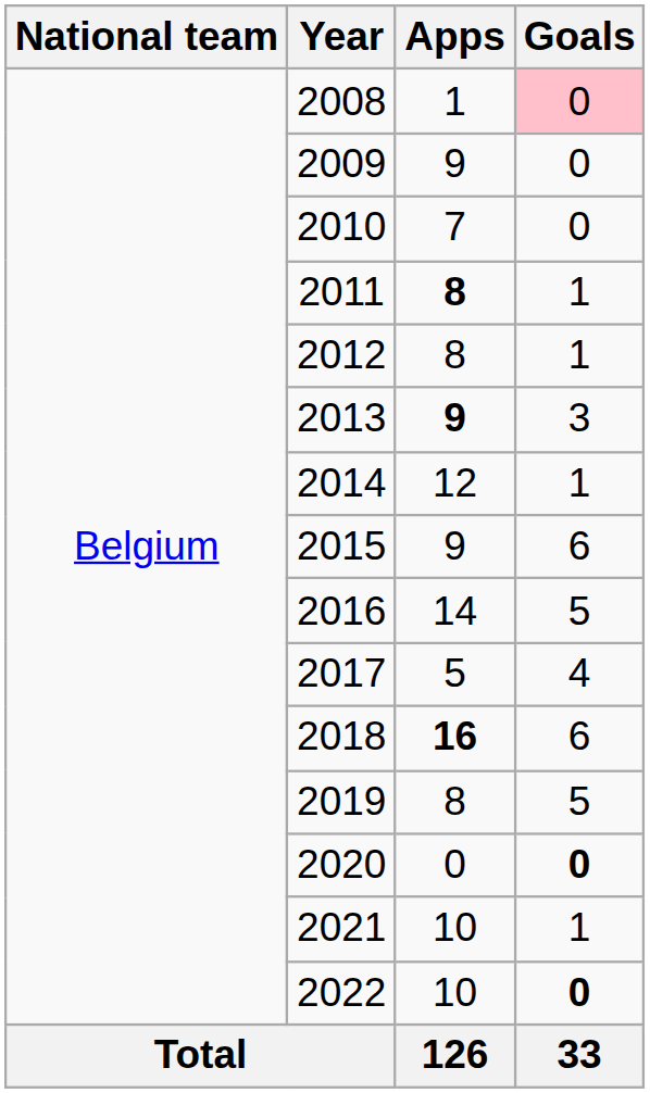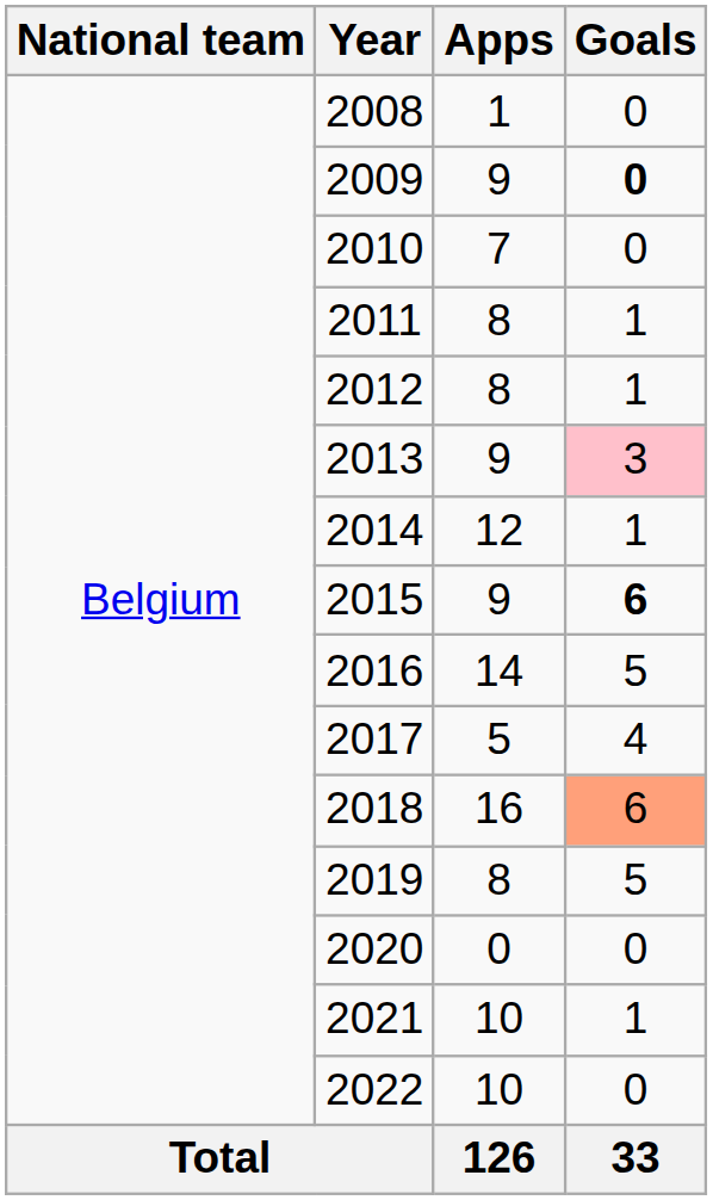 <table class="wikitable" style="text-align: center;">
 <tr>
 <th>National team</th>
 <th>Year</th>
 <th>Apps</th>
 <th>Goals</th>
 </tr>
 <tr>
 <td rowspan="15"><a href='#'>Belgium</a></td>
 <td>2008</td>
 <td>1</td>
-<td style="background: pink;">0</td>
+<td>0</td>
 </tr>
 <tr>
 <td>2009</td>
 <td>9</td>
-<td>0</td>
+<td><strong>0</strong></td>
 </tr>
 <tr>
 <td>2010</td>
 <td>7</td>
 <td>0</td>
 </tr>
 <tr>
 <td>2011</td>
-<td><strong>8</strong></td>
+<td>8</td>
 <td>1</td>
 </tr>
 <tr>
 <td>2012</td>
 <td>8</td>
 <td>1</td>
 </tr>
 <tr>
 <td>2013</td>
-<td><strong>9</strong></td>
-<td>3</td>
+<td>9</td>
+<td style="background: pink;">3</td>
 </tr>
 <tr>
 <td>2014</td>
 <td>12</td>
 <td>1</td>
 </tr>
 <tr>
 <td>2015</td>
 <td>9</td>
-<td>6</td>
+<td><strong>6</strong></td>
 </tr>
 <tr>
 <td>2016</td>
 <td>14</td>
 <td>5</td>
 </tr>
 <tr>
 <td>2017</td>
 <td>5</td>
 <td>4</td>
 </tr>
 <tr>
 <td>2018</td>
-<td><strong>16</strong></td>
-<td>6</td>
+<td>16</td>
+<td style="background: lightsalmon;">6</td>
 </tr>
 <tr>
 <td>2019</td>
 <td>8</td>
 <td>5</td>
 </tr>
 <tr>
 <td>2020</td>
 <td>0</td>
-<td><strong>0</strong></td>
+<td>0</td>
 </tr>
 <tr>
 <td>2021</td>
 <td>10</td>
 <td>1</td>
 </tr>
 <tr>
 <td>2022</td>
 <td>10</td>
-<td><strong>0</strong></td>
+<td>0</td>
 </tr>
 <tr>
 <th colspan="2">Total</th>
 <th>126</th>
 <th>33</th>
 </tr>
 </table>
